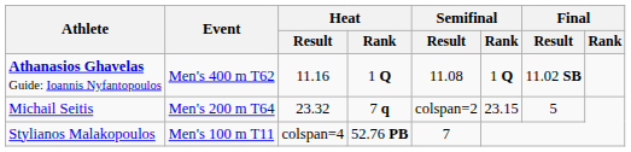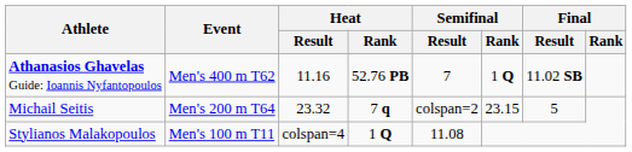 <table class="wikitable" style="font-size:90%">
 <tr>
 <th rowspan="2">Athlete</th>
 <th rowspan="2">Event</th>
 <th colspan="2">Heat</th>
 <th colspan="2">Semifinal</th>
 <th colspan="2">Final</th>
 </tr>
 <tr style="font-size:95%">
 <th>Result</th>
 <th>Rank</th>
 <th>Result</th>
 <th>Rank</th>
 <th>Result</th>
 <th>Rank</th>
 </tr>
 <tr align=center>
 <td align=left><strong><a href='#'>Athanasios Ghavelas</a></strong><br><small>Guide: <a href='#'>Ioannis Nyfantopoulos</a></small></td>
 <td align=left><a href='#'>Men's 400 m T62</a></td>
 <td>11.16</td>
-<td>1 <strong>Q</strong></td>
-<td>11.08</td>
+<td>52.76 <strong>PB</strong></td>
+<td>7</td>
 <td>1 <strong>Q</strong></td>
 <td>11.02 <strong>SB</strong></td>
 <td></td>
 </tr>
 <tr align=center>
 <td align=left><a href='#'>Michail Seitis</a></td>
 <td align=left><a href='#'>Men's 200 m T64</a></td>
 <td>23.32</td>
 <td>7 <strong>q</strong></td>
 <td>colspan=2 </td>
 <td>23.15</td>
 <td>5</td>
 </tr>
 <tr align=center>
 <td align=left><a href='#'>Stylianos Malakopoulos</a></td>
 <td align=left><a href='#'>Men's 100 m T11</a></td>
 <td>colspan=4 </td>
-<td>52.76 <strong>PB</strong></td>
-<td>7</td>
+<td>1 <strong>Q</strong></td>
+<td>11.08</td>
 </tr>
 </table>
